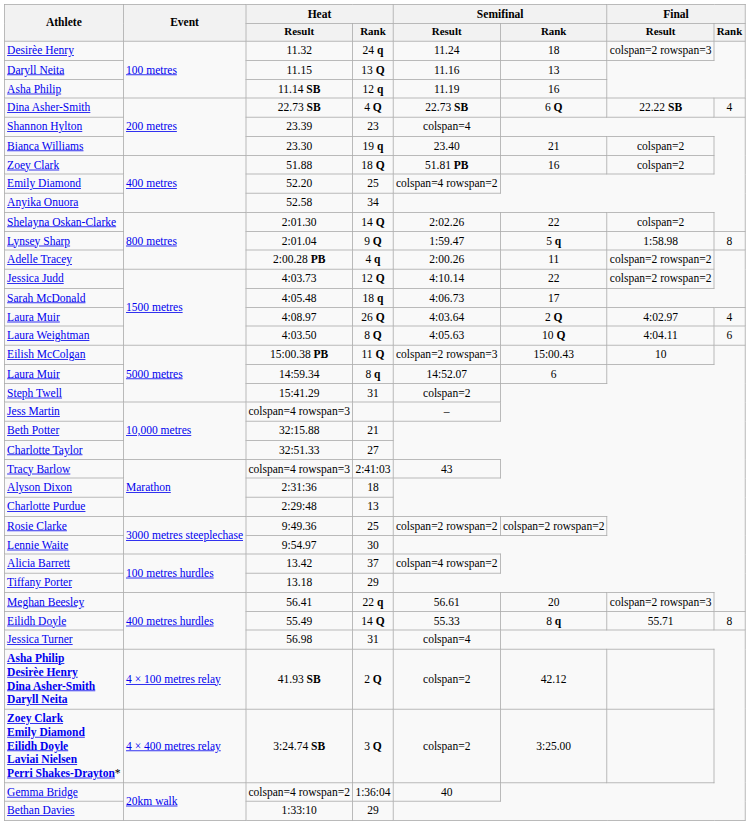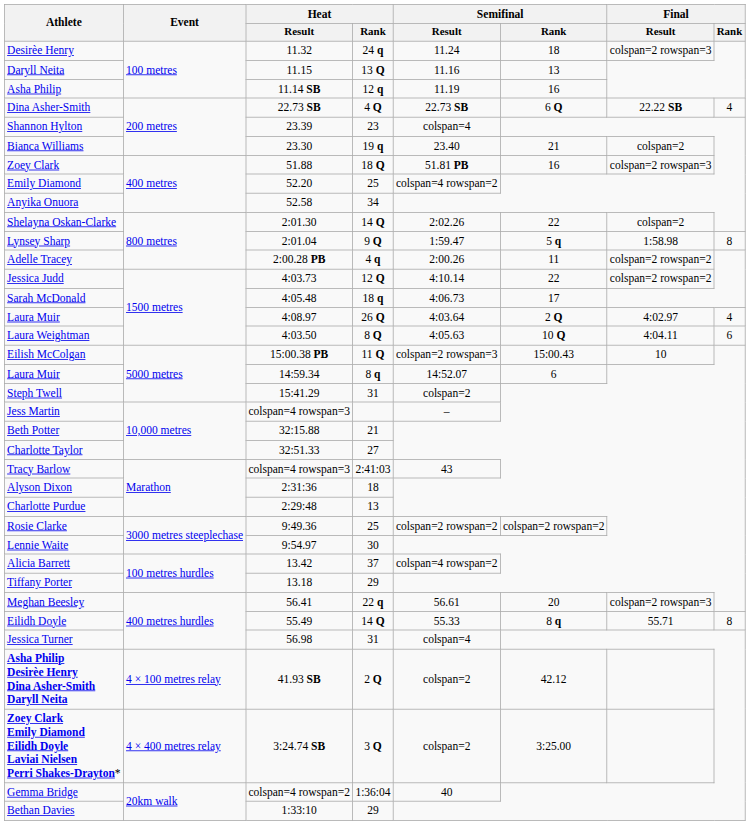 <table class="wikitable" style="font-size:90%">
 <tr>
 <th rowspan="2">Athlete</th>
 <th rowspan="2">Event</th>
 <th colspan="2">Heat</th>
 <th colspan="2">Semifinal</th>
 <th colspan="2">Final</th>
 </tr>
 <tr style="font-size:95%">
 <th>Result</th>
 <th>Rank</th>
 <th>Result</th>
 <th>Rank</th>
 <th>Result</th>
 <th>Rank</th>
 </tr>
 <tr style=text-align:center>
 <td style=text-align:left><a href='#'>Desirèe Henry</a></td>
 <td style=text-align:left rowspan=3><a href='#'>100 metres</a></td>
 <td>11.32</td>
 <td>24 <strong>q</strong></td>
 <td>11.24</td>
 <td>18</td>
 <td>colspan=2 rowspan=3 </td>
 </tr>
 <tr style=text-align:center>
 <td style=text-align:left><a href='#'>Daryll Neita</a></td>
 <td>11.15</td>
 <td>13 <strong>Q</strong></td>
 <td>11.16</td>
 <td>13</td>
 </tr>
 <tr style=text-align:center>
 <td style=text-align:left><a href='#'>Asha Philip</a></td>
 <td>11.14 <strong>SB</strong></td>
 <td>12 <strong>q</strong></td>
 <td>11.19</td>
 <td>16</td>
 </tr>
 <tr style=text-align:center>
 <td style=text-align:left><a href='#'>Dina Asher-Smith</a></td>
 <td style=text-align:left rowspan=3><a href='#'>200 metres</a></td>
 <td>22.73 <strong>SB</strong></td>
 <td>4 <strong>Q</strong></td>
 <td>22.73 <strong>SB</strong></td>
 <td>6 <strong>Q</strong></td>
 <td>22.22 <strong>SB</strong></td>
 <td>4</td>
 </tr>
 <tr style=text-align:center>
 <td style=text-align:left><a href='#'>Shannon Hylton</a></td>
 <td>23.39</td>
 <td>23</td>
 <td>colspan=4 </td>
 </tr>
 <tr style=text-align:center>
 <td style=text-align:left><a href='#'>Bianca Williams</a></td>
 <td>23.30</td>
 <td>19 <strong>q</strong></td>
 <td>23.40</td>
 <td>21</td>
 <td>colspan=2 </td>
 </tr>
 <tr style=text-align:center>
 <td style=text-align:left><a href='#'>Zoey Clark</a></td>
 <td style=text-align:left rowspan=3><a href='#'>400 metres</a></td>
 <td>51.88</td>
 <td>18 <strong>Q</strong></td>
 <td>51.81 <strong>PB</strong></td>
 <td>16</td>
-<td>colspan=2 </td>
+<td>colspan=2 rowspan=3 </td>
 </tr>
 <tr style=text-align:center>
 <td style=text-align:left><a href='#'>Emily Diamond</a></td>
 <td>52.20</td>
 <td>25</td>
 <td>colspan=4 rowspan=2 </td>
 </tr>
 <tr style=text-align:center>
 <td style=text-align:left><a href='#'>Anyika Onuora</a></td>
 <td>52.58</td>
 <td>34</td>
 </tr>
 <tr style=text-align:center>
 <td style=text-align:left><a href='#'>Shelayna Oskan-Clarke</a></td>
 <td style=text-align:left rowspan=3><a href='#'>800 metres</a></td>
 <td>2:01.30</td>
 <td>14 <strong>Q</strong></td>
 <td>2:02.26</td>
 <td>22</td>
 <td>colspan=2 </td>
 </tr>
 <tr style=text-align:center>
 <td style=text-align:left><a href='#'>Lynsey Sharp</a></td>
 <td>2:01.04</td>
 <td>9 <strong>Q</strong></td>
 <td>1:59.47</td>
 <td>5 <strong>q</strong></td>
 <td>1:58.98</td>
 <td>8</td>
 </tr>
 <tr style=text-align:center>
 <td style=text-align:left><a href='#'>Adelle Tracey</a></td>
 <td>2:00.28 <strong>PB</strong></td>
 <td>4 <strong>q</strong></td>
 <td>2:00.26</td>
 <td>11</td>
 <td>colspan=2 rowspan=2 </td>
 </tr>
 <tr style=text-align:center>
 <td style=text-align:left><a href='#'>Jessica Judd</a></td>
 <td style=text-align:left rowspan=4><a href='#'>1500 metres</a></td>
 <td>4:03.73</td>
 <td>12 <strong>Q</strong></td>
 <td>4:10.14</td>
 <td>22</td>
 <td>colspan=2 rowspan=2 </td>
 </tr>
 <tr style=text-align:center>
 <td style=text-align:left><a href='#'>Sarah McDonald</a></td>
 <td>4:05.48</td>
 <td>18 <strong>q</strong></td>
 <td>4:06.73</td>
 <td>17</td>
 </tr>
 <tr style=text-align:center>
 <td style=text-align:left><a href='#'>Laura Muir</a></td>
 <td>4:08.97</td>
 <td>26 <strong>Q</strong></td>
 <td>4:03.64</td>
 <td>2 <strong>Q</strong></td>
 <td>4:02.97</td>
 <td>4</td>
 </tr>
 <tr style=text-align:center>
 <td style=text-align:left><a href='#'>Laura Weightman</a></td>
 <td>4:03.50</td>
 <td>8 <strong>Q</strong></td>
 <td>4:05.63</td>
 <td>10 <strong>Q</strong></td>
 <td>4:04.11</td>
 <td>6</td>
 </tr>
 <tr style=text-align:center>
 <td style=text-align:left><a href='#'>Eilish McColgan</a></td>
 <td style=text-align:left rowspan=3><a href='#'>5000 metres</a></td>
 <td>15:00.38 <strong>PB</strong></td>
 <td>11 <strong>Q</strong></td>
 <td>colspan=2 rowspan=3</td>
 <td>15:00.43</td>
 <td>10</td>
 </tr>
 <tr style=text-align:center>
 <td style=text-align:left><a href='#'>Laura Muir</a></td>
 <td>14:59.34</td>
 <td>8 <strong>q</strong></td>
 <td>14:52.07</td>
 <td>6</td>
 </tr>
 <tr style=text-align:center>
 <td style=text-align:left><a href='#'>Steph Twell</a></td>
 <td>15:41.29</td>
 <td>31</td>
 <td>colspan=2 </td>
 </tr>
 <tr style=text-align:center>
 <td style=text-align:left><a href='#'>Jess Martin</a></td>
 <td style=text-align:left rowspan=3><a href='#'>10,000 metres</a></td>
 <td>colspan=4 rowspan=3 </td>
 <td></td>
 <td>–</td>
 </tr>
 <tr style=text-align:center>
 <td style=text-align:left><a href='#'>Beth Potter</a></td>
 <td>32:15.88</td>
 <td>21</td>
 </tr>
 <tr style=text-align:center>
 <td style=text-align:left><a href='#'>Charlotte Taylor</a></td>
 <td>32:51.33</td>
 <td>27</td>
 </tr>
 <tr style=text-align:center>
 <td style=text-align:left><a href='#'>Tracy Barlow</a></td>
 <td style=text-align:left rowspan=3><a href='#'>Marathon</a></td>
 <td>colspan=4 rowspan=3 </td>
 <td>2:41:03</td>
 <td>43</td>
 </tr>
 <tr style=text-align:center>
 <td style=text-align:left><a href='#'>Alyson Dixon</a></td>
 <td>2:31:36</td>
 <td>18</td>
 </tr>
 <tr style=text-align:center>
 <td style=text-align:left><a href='#'>Charlotte Purdue</a></td>
 <td>2:29:48</td>
 <td>13</td>
 </tr>
 <tr style=text-align:center>
 <td style=text-align:left><a href='#'>Rosie Clarke</a></td>
 <td style=text-align:left rowspan=2><a href='#'>3000 metres steeplechase</a></td>
 <td>9:49.36</td>
 <td>25</td>
 <td>colspan=2 rowspan=2 </td>
 <td>colspan=2 rowspan=2 </td>
 </tr>
 <tr style=text-align:center>
 <td style=text-align:left><a href='#'>Lennie Waite</a></td>
 <td>9:54.97</td>
 <td>30</td>
 </tr>
 <tr style=text-align:center>
 <td style=text-align:left><a href='#'>Alicia Barrett</a></td>
 <td style=text-align:left rowspan=2><a href='#'>100 metres hurdles</a></td>
 <td>13.42</td>
 <td>37</td>
 <td>colspan=4 rowspan=2 </td>
 </tr>
 <tr style=text-align:center>
 <td style=text-align:left><a href='#'>Tiffany Porter</a></td>
 <td>13.18</td>
 <td>29</td>
 </tr>
 <tr style=text-align:center>
 <td style=text-align:left><a href='#'>Meghan Beesley</a></td>
 <td style=text-align:left rowspan=3><a href='#'>400 metres hurdles</a></td>
 <td>56.41</td>
 <td>22 <strong>q</strong></td>
 <td>56.61</td>
 <td>20</td>
 <td>colspan=2 rowspan=3 </td>
 </tr>
 <tr style=text-align:center>
 <td style=text-align:left><a href='#'>Eilidh Doyle</a></td>
 <td>55.49</td>
 <td>14 <strong>Q</strong></td>
 <td>55.33</td>
 <td>8 <strong>q</strong></td>
 <td>55.71</td>
 <td>8</td>
 </tr>
 <tr style=text-align:center>
 <td style=text-align:left><a href='#'>Jessica Turner</a></td>
 <td>56.98</td>
 <td>31</td>
 <td>colspan=4 </td>
 </tr>
 <tr style=text-align:center>
 <td style=text-align:left><strong><a href='#'>Asha Philip</a></strong><br><strong><a href='#'>Desirèe Henry</a></strong><br><strong><a href='#'>Dina Asher-Smith</a></strong><br><strong><a href='#'>Daryll Neita</a></strong></td>
 <td style=text-align:left><a href='#'>4 × 100 metres relay</a></td>
 <td>41.93 <strong>SB</strong></td>
 <td>2 <strong>Q</strong></td>
 <td>colspan=2 </td>
 <td>42.12</td>
 <td></td>
 </tr>
 <tr style=text-align:center>
 <td style=text-align:left><strong><a href='#'>Zoey Clark</a></strong><br><strong><a href='#'>Emily Diamond</a></strong><br><strong><a href='#'>Eilidh Doyle</a></strong><br><strong><a href='#'>Laviai Nielsen</a></strong><br><strong><a href='#'>Perri Shakes-Drayton</a></strong>*</td>
 <td style=text-align:left><a href='#'>4 × 400 metres relay</a></td>
 <td>3:24.74 <strong>SB</strong></td>
 <td>3 <strong>Q</strong></td>
 <td>colspan=2 </td>
 <td>3:25.00</td>
 <td></td>
 </tr>
 <tr style=text-align:center>
 <td style=text-align:left><a href='#'>Gemma Bridge</a></td>
 <td style=text-align:left rowspan=2><a href='#'>20km walk</a></td>
 <td>colspan=4 rowspan=2 </td>
 <td>1:36:04</td>
 <td>40</td>
 </tr>
 <tr style=text-align:center>
 <td style=text-align:left><a href='#'>Bethan Davies</a></td>
 <td>1:33:10</td>
 <td>29</td>
 </tr>
 </table>
